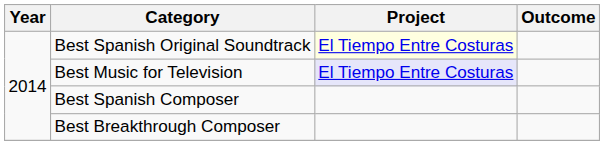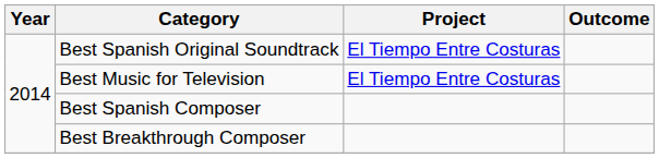 <table class=wikitable>
 <tr>
 <th>Year</th>
 <th>Category</th>
 <th>Project</th>
 <th>Outcome</th>
 </tr>
 <tr>
 <td rowspan="4">2014</td>
 <td>Best Spanish Original Soundtrack</td>
-<td style="background: lightyellow;"><a href='#'>El Tiempo Entre Costuras</a></td>
+<td><a href='#'>El Tiempo Entre Costuras</a></td>
 <td></td>
 </tr>
 <tr>
 <td>Best Music for Television</td>
-<td style="background: lavender;"><a href='#'>El Tiempo Entre Costuras</a></td>
+<td><a href='#'>El Tiempo Entre Costuras</a></td>
 <td></td>
 </tr>
 <tr>
 <td>Best Spanish Composer</td>
 <td></td>
 <td></td>
 </tr>
 <tr>
 <td>Best Breakthrough Composer</td>
 <td></td>
 <td></td>
 </tr>
 <tr>
 </tr>
 </table>
